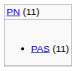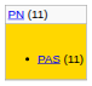 <table class="wikitable">
 <tr>
 <td> <a href='#'>PN</a> (11)</td>
 </tr>
 <tr>
-<td><br><ul><li> <a href='#'>PAS</a> (11)</li></ul></td>
+<td style="background: gold;"><br><ul><li> <a href='#'>PAS</a> (11)</li></ul></td>
 </tr>
 <tr>
 </tr>
 </table>
